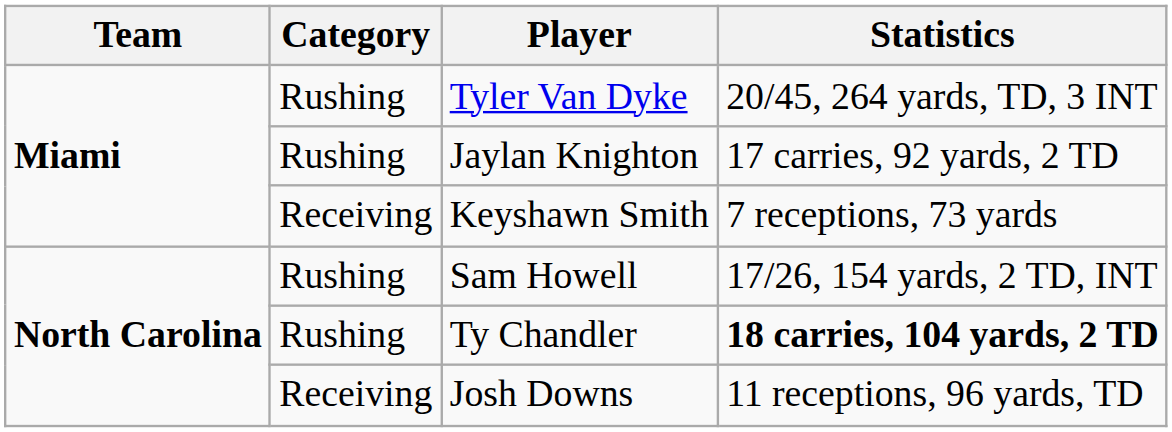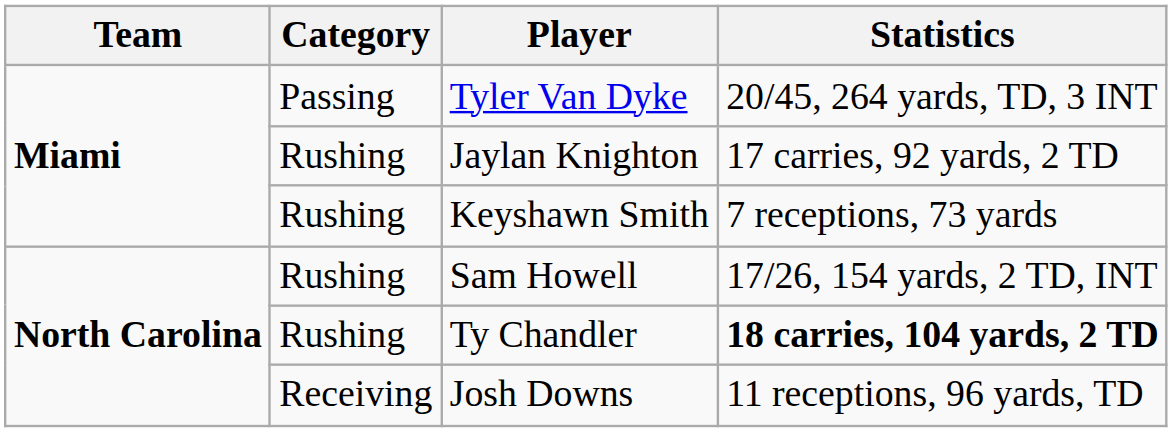 <table class="wikitable" style="float: left;">
 <tr>
 <th>Team</th>
 <th>Category</th>
 <th>Player</th>
 <th>Statistics</th>
 </tr>
 <tr>
 <td rowspan=3><strong>Miami</strong></td>
-<td>Rushing</td>
+<td>Passing</td>
 <td><a href='#'>Tyler Van Dyke</a></td>
 <td>20/45, 264 yards, TD, 3 INT</td>
 </tr>
 <tr>
 <td>Rushing</td>
 <td>Jaylan Knighton</td>
 <td>17 carries, 92 yards, 2 TD</td>
 </tr>
 <tr>
-<td>Receiving</td>
+<td>Rushing</td>
 <td>Keyshawn Smith</td>
 <td>7 receptions, 73 yards</td>
 </tr>
 <tr>
 <td rowspan=3><strong>North Carolina</strong></td>
 <td>Rushing</td>
 <td>Sam Howell</td>
 <td>17/26, 154 yards, 2 TD, INT</td>
 </tr>
 <tr>
 <td>Rushing</td>
 <td>Ty Chandler</td>
 <td><strong>18 carries, 104 yards, 2 TD</strong></td>
 </tr>
 <tr>
 <td>Receiving</td>
 <td>Josh Downs</td>
 <td>11 receptions, 96 yards, TD</td>
 </tr>
 </table>
